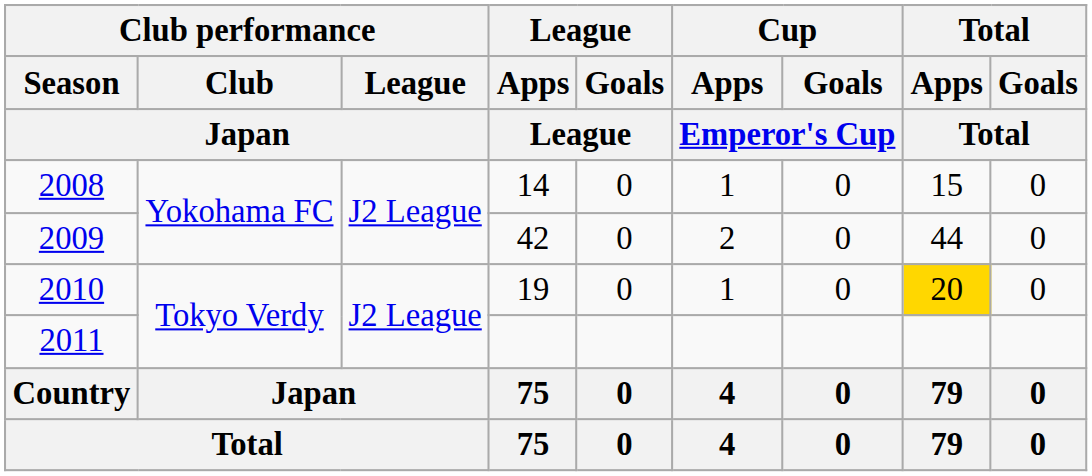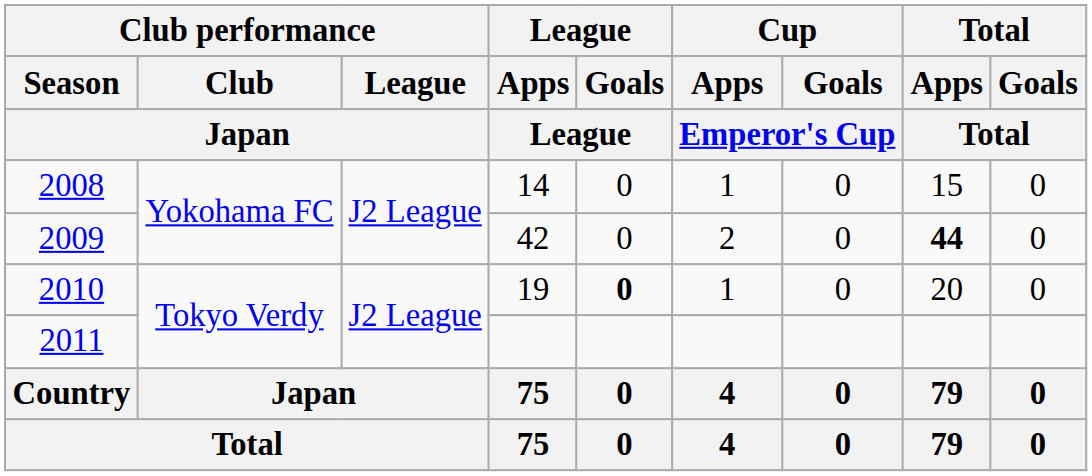 <table class="wikitable" style="text-align:center;">
 <tr>
 <th colspan=3>Club performance</th>
 <th colspan=2>League</th>
 <th colspan=2>Cup</th>
 <th colspan=2>Total</th>
 </tr>
 <tr>
 <th>Season</th>
 <th>Club</th>
 <th>League</th>
 <th>Apps</th>
 <th>Goals</th>
 <th>Apps</th>
 <th>Goals</th>
 <th>Apps</th>
 <th>Goals</th>
 </tr>
 <tr>
 <th colspan=3>Japan</th>
 <th colspan=2>League</th>
 <th colspan=2><a href='#'>Emperor's Cup</a></th>
 <th colspan=2>Total</th>
 </tr>
 <tr>
 <td><a href='#'>2008</a></td>
 <td rowspan="2"><a href='#'>Yokohama FC</a></td>
 <td rowspan="2"><a href='#'>J2 League</a></td>
 <td>14</td>
 <td>0</td>
 <td>1</td>
 <td>0</td>
 <td>15</td>
 <td>0</td>
 </tr>
 <tr>
 <td><a href='#'>2009</a></td>
 <td>42</td>
 <td>0</td>
 <td>2</td>
 <td>0</td>
-<td>44</td>
+<td><strong>44</strong></td>
 <td>0</td>
 </tr>
 <tr>
 <td><a href='#'>2010</a></td>
 <td rowspan="2"><a href='#'>Tokyo Verdy</a></td>
 <td rowspan="2"><a href='#'>J2 League</a></td>
 <td>19</td>
-<td>0</td>
+<td><strong>0</strong></td>
 <td>1</td>
 <td>0</td>
-<td style="background: gold;">20</td>
+<td>20</td>
 <td>0</td>
 </tr>
 <tr>
 <td><a href='#'>2011</a></td>
 <td></td>
 <td></td>
 <td></td>
 <td></td>
 <td></td>
 <td></td>
 </tr>
 <tr>
 <th rowspan=1>Country</th>
 <th colspan=2>Japan</th>
 <th>75</th>
 <th>0</th>
 <th>4</th>
 <th>0</th>
 <th>79</th>
 <th>0</th>
 </tr>
 <tr>
 <th colspan=3>Total</th>
 <th>75</th>
 <th>0</th>
 <th>4</th>
 <th>0</th>
 <th>79</th>
 <th>0</th>
 </tr>
 </table>
